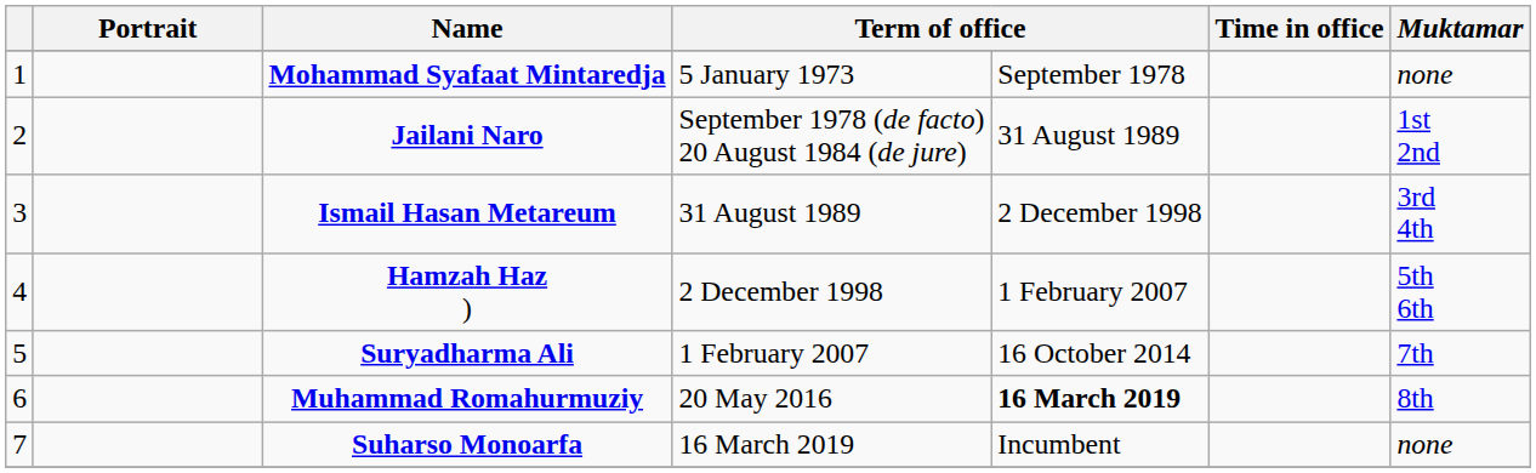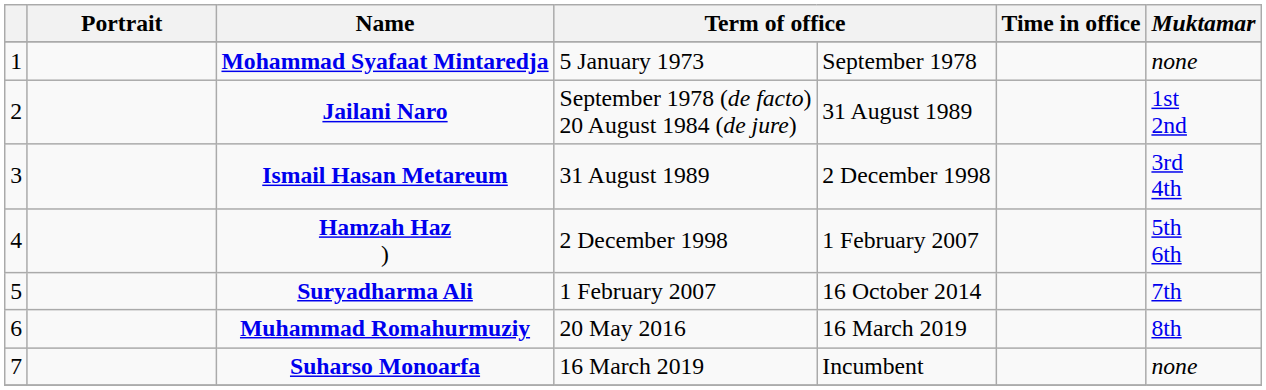 <table class="wikitable">
 <tr>
 <th></th>
 <th width="120px">Portrait</th>
 <th>Name<br></th>
 <th colspan="2">Term of office</th>
 <th>Time in office</th>
 <th><em>Muktamar</em></th>
 </tr>
 <tr>
 </tr>
 <tr>
 <td>1</td>
 <td></td>
 <td align="center"><strong><a href='#'>Mohammad Syafaat Mintaredja</a></strong><br></td>
 <td>5 January 1973</td>
 <td>September 1978</td>
 <td></td>
 <td><em>none</em></td>
 </tr>
 <tr>
 <td>2</td>
 <td></td>
 <td align="center"><strong><a href='#'>Jailani Naro</a></strong><br></td>
 <td>September 1978 (<em>de facto</em>)<br> 20 August 1984 (<em>de jure</em>)</td>
 <td>31 August 1989</td>
 <td></td>
 <td><a href='#'>1st</a><br><a href='#'>2nd</a></td>
 </tr>
 <tr>
 <td>3</td>
 <td></td>
 <td align="center"><strong><a href='#'>Ismail Hasan Metareum</a></strong><br></td>
 <td>31 August 1989</td>
 <td>2 December 1998</td>
 <td></td>
 <td><a href='#'>3rd</a><br><a href='#'>4th</a></td>
 </tr>
 <tr>
 <td>4</td>
 <td></td>
 <td align="center"><strong><a href='#'>Hamzah Haz</a></strong><br>)</td>
 <td>2 December 1998</td>
 <td>1 February 2007</td>
 <td></td>
 <td><a href='#'>5th</a><br><a href='#'>6th</a></td>
 </tr>
 <tr>
 <td>5</td>
 <td></td>
 <td align="center"><strong><a href='#'>Suryadharma Ali</a></strong><br></td>
 <td>1 February 2007</td>
 <td>16 October 2014</td>
 <td></td>
 <td><a href='#'>7th</a></td>
 </tr>
 <tr>
 <td>6</td>
 <td></td>
 <td align="center"><strong><a href='#'>Muhammad Romahurmuziy</a></strong><br></td>
 <td>20 May 2016</td>
-<td><strong>16 March 2019</strong></td>
+<td>16 March 2019</td>
 <td></td>
 <td><a href='#'>8th</a></td>
 </tr>
 <tr>
 <td>7</td>
 <td></td>
 <td align="center"><strong><a href='#'>Suharso Monoarfa</a></strong><br></td>
 <td>16 March 2019</td>
 <td>Incumbent</td>
 <td></td>
 <td><em>none</em></td>
 </tr>
 <tr>
 </tr>
 </table>
